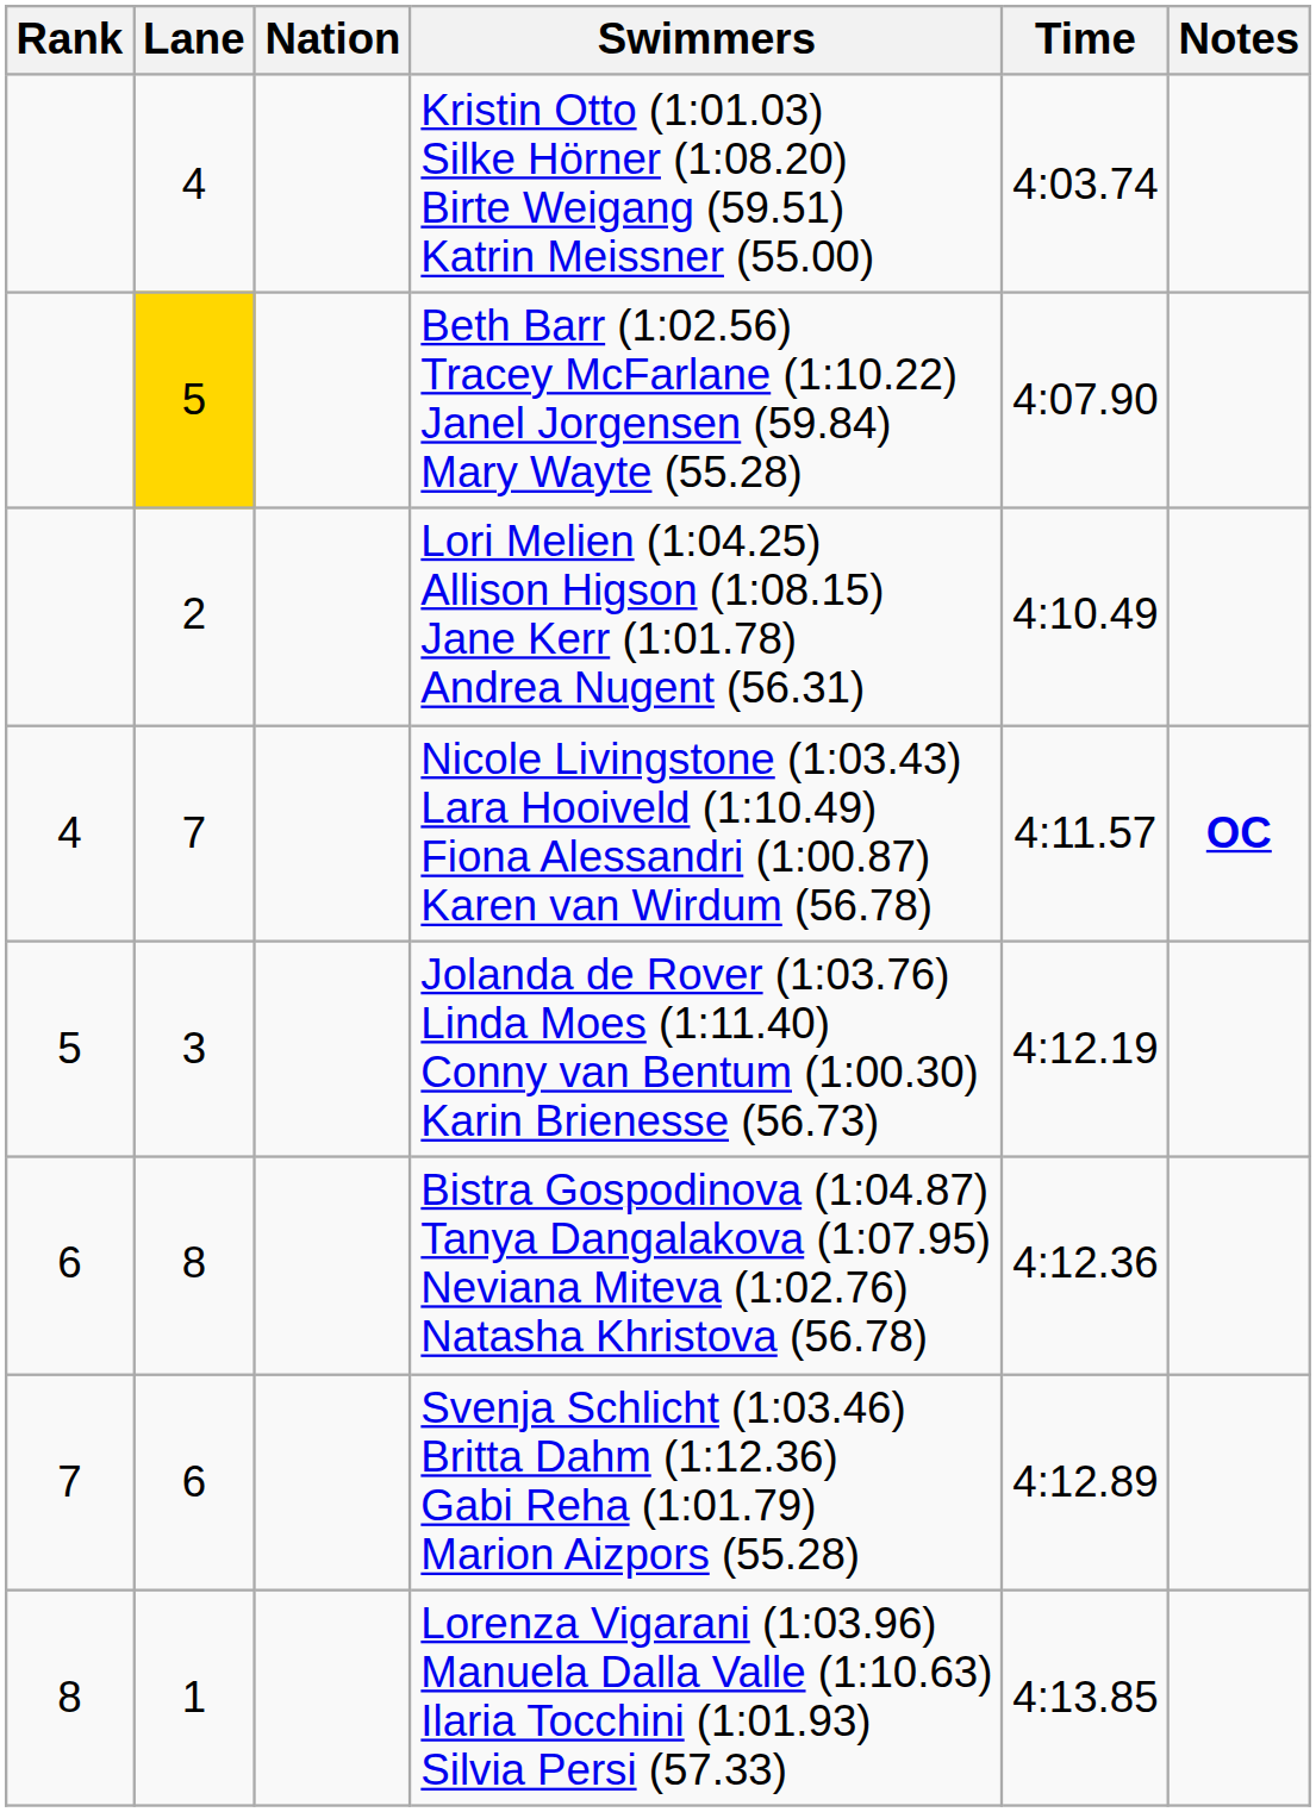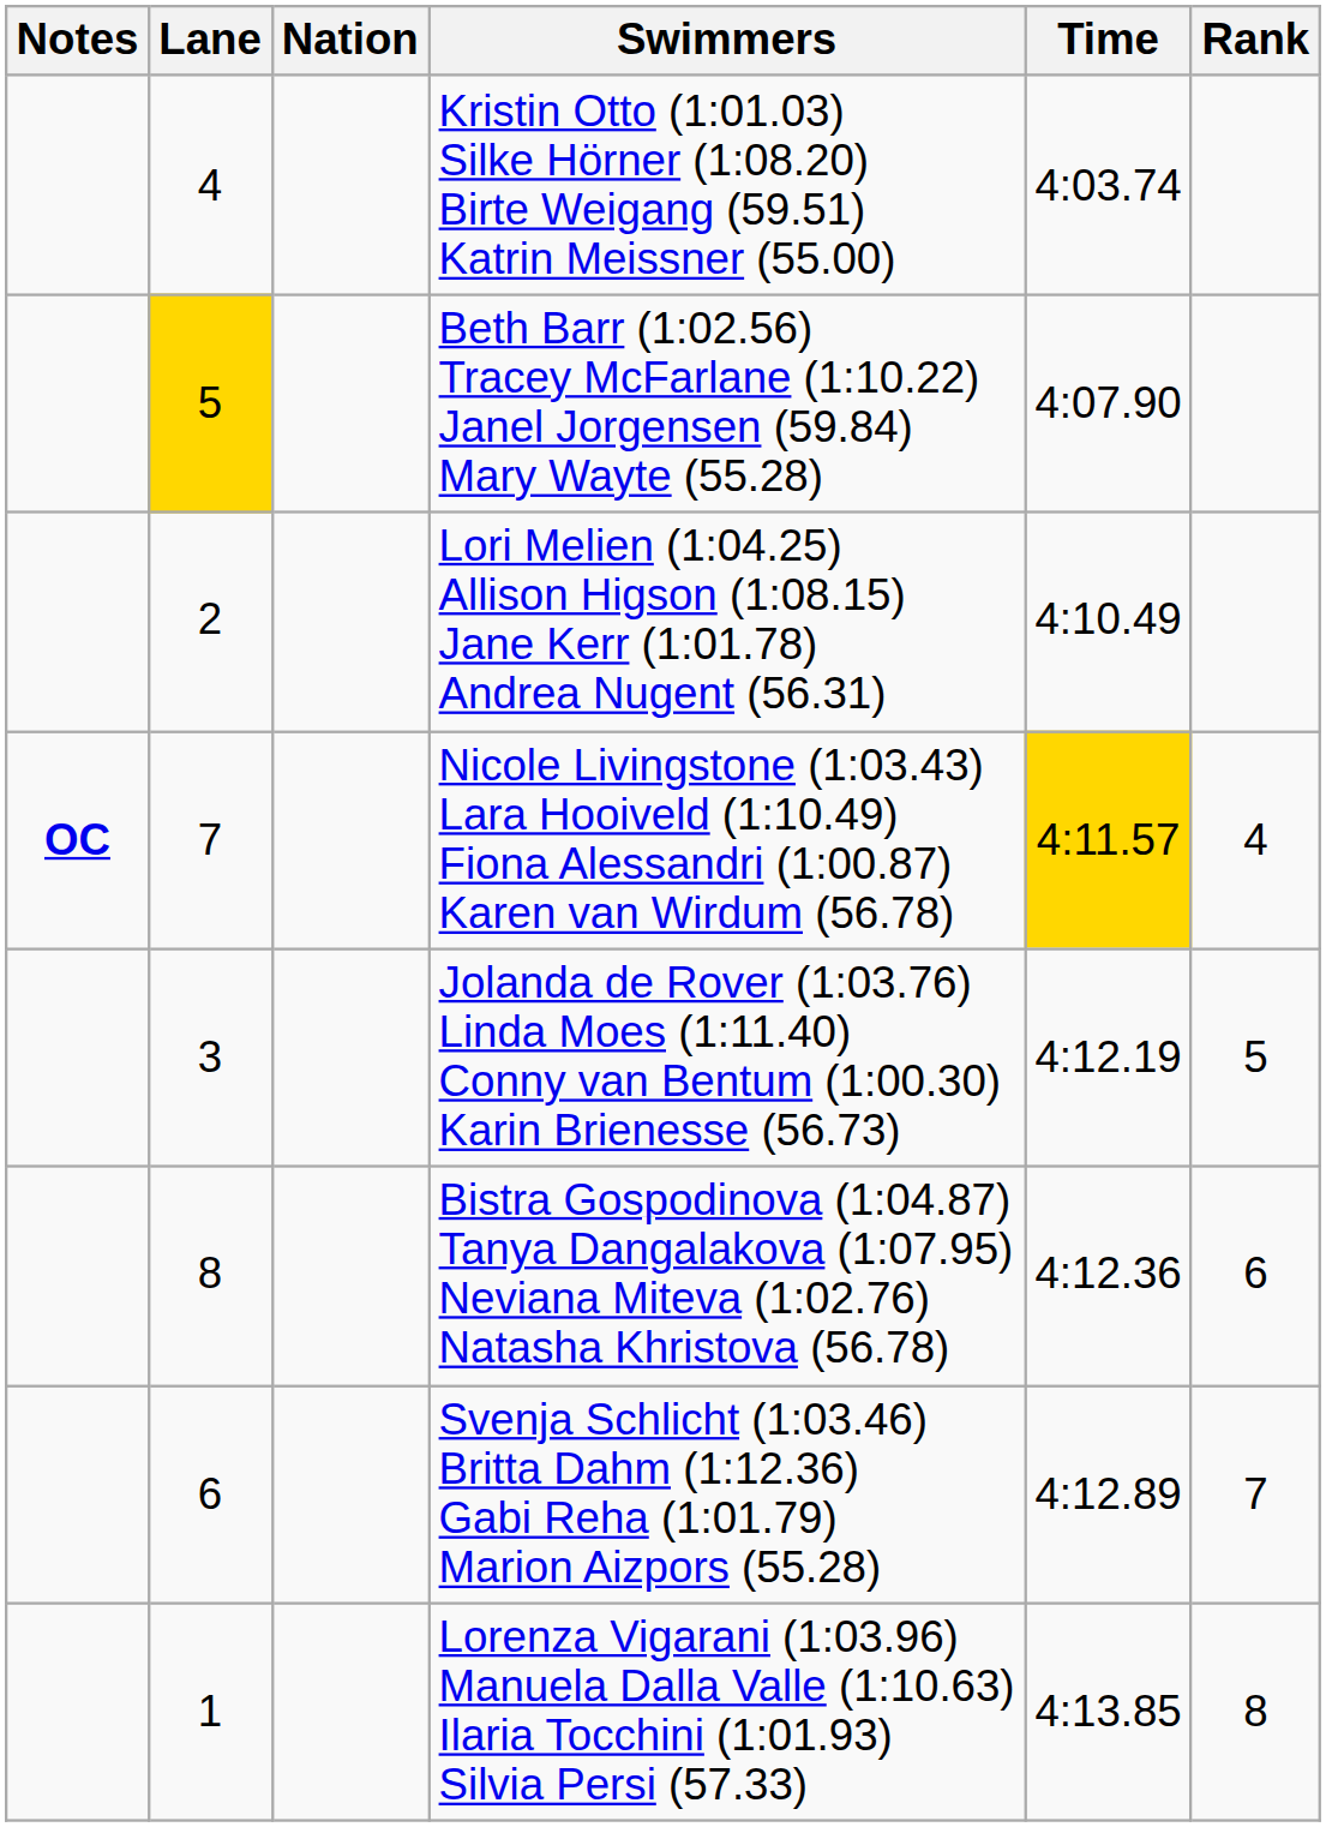 <table class="wikitable sortable" style="text-align:center">
 <tr>
-<th>Rank</th>
+<th>Notes</th>
 <th>Lane</th>
 <th>Nation</th>
 <th>Swimmers</th>
 <th>Time</th>
-<th>Notes</th>
+<th>Rank</th>
 </tr>
 <tr>
 <td></td>
 <td>4</td>
 <td align=left></td>
 <td align=left><a href='#'>Kristin Otto</a> (1:01.03)<br><a href='#'>Silke Hörner</a> (1:08.20)<br><a href='#'>Birte Weigang</a> (59.51)<br><a href='#'>Katrin Meissner</a> (55.00)</td>
 <td>4:03.74</td>
 <td></td>
 </tr>
 <tr>
 <td></td>
 <td style="background: gold;">5</td>
 <td align=left></td>
 <td align=left><a href='#'>Beth Barr</a> (1:02.56)<br><a href='#'>Tracey McFarlane</a> (1:10.22)<br><a href='#'>Janel Jorgensen</a> (59.84)<br><a href='#'>Mary Wayte</a> (55.28)</td>
 <td>4:07.90</td>
 <td></td>
 </tr>
 <tr>
 <td></td>
 <td>2</td>
 <td align=left></td>
 <td align=left><a href='#'>Lori Melien</a> (1:04.25)<br><a href='#'>Allison Higson</a> (1:08.15)<br><a href='#'>Jane Kerr</a> (1:01.78)<br><a href='#'>Andrea Nugent</a> (56.31)</td>
 <td>4:10.49</td>
 <td></td>
 </tr>
 <tr>
-<td>4</td>
+<td><strong><a href='#'>OC</a></strong></td>
 <td>7</td>
 <td align=left></td>
 <td align=left><a href='#'>Nicole Livingstone</a> (1:03.43)<br><a href='#'>Lara Hooiveld</a> (1:10.49)<br><a href='#'>Fiona Alessandri</a> (1:00.87)<br><a href='#'>Karen van Wirdum</a> (56.78)</td>
-<td>4:11.57</td>
-<td><strong><a href='#'>OC</a></strong></td>
+<td style="background: gold;">4:11.57</td>
+<td>4</td>
 </tr>
 <tr>
-<td>5</td>
+<td></td>
 <td>3</td>
 <td align=left></td>
 <td align=left><a href='#'>Jolanda de Rover</a> (1:03.76)<br><a href='#'>Linda Moes</a> (1:11.40)<br><a href='#'>Conny van Bentum</a> (1:00.30)<br><a href='#'>Karin Brienesse</a> (56.73)</td>
 <td>4:12.19</td>
-<td></td>
+<td>5</td>
 </tr>
 <tr>
-<td>6</td>
+<td></td>
 <td>8</td>
 <td align=left></td>
 <td align=left><a href='#'>Bistra Gospodinova</a> (1:04.87)<br><a href='#'>Tanya Dangalakova</a> (1:07.95)<br><a href='#'>Neviana Miteva</a> (1:02.76)<br><a href='#'>Natasha Khristova</a> (56.78)</td>
 <td>4:12.36</td>
-<td></td>
+<td>6</td>
 </tr>
 <tr>
-<td>7</td>
+<td></td>
 <td>6</td>
 <td align=left></td>
 <td align=left><a href='#'>Svenja Schlicht</a> (1:03.46)<br><a href='#'>Britta Dahm</a> (1:12.36)<br><a href='#'>Gabi Reha</a> (1:01.79)<br><a href='#'>Marion Aizpors</a> (55.28)</td>
 <td>4:12.89</td>
-<td></td>
+<td>7</td>
 </tr>
 <tr>
-<td>8</td>
+<td></td>
 <td>1</td>
 <td align=left></td>
 <td align=left><a href='#'>Lorenza Vigarani</a> (1:03.96)<br><a href='#'>Manuela Dalla Valle</a> (1:10.63)<br><a href='#'>Ilaria Tocchini</a> (1:01.93)<br><a href='#'>Silvia Persi</a> (57.33)</td>
 <td>4:13.85</td>
-<td></td>
+<td>8</td>
 </tr>
 </table>
